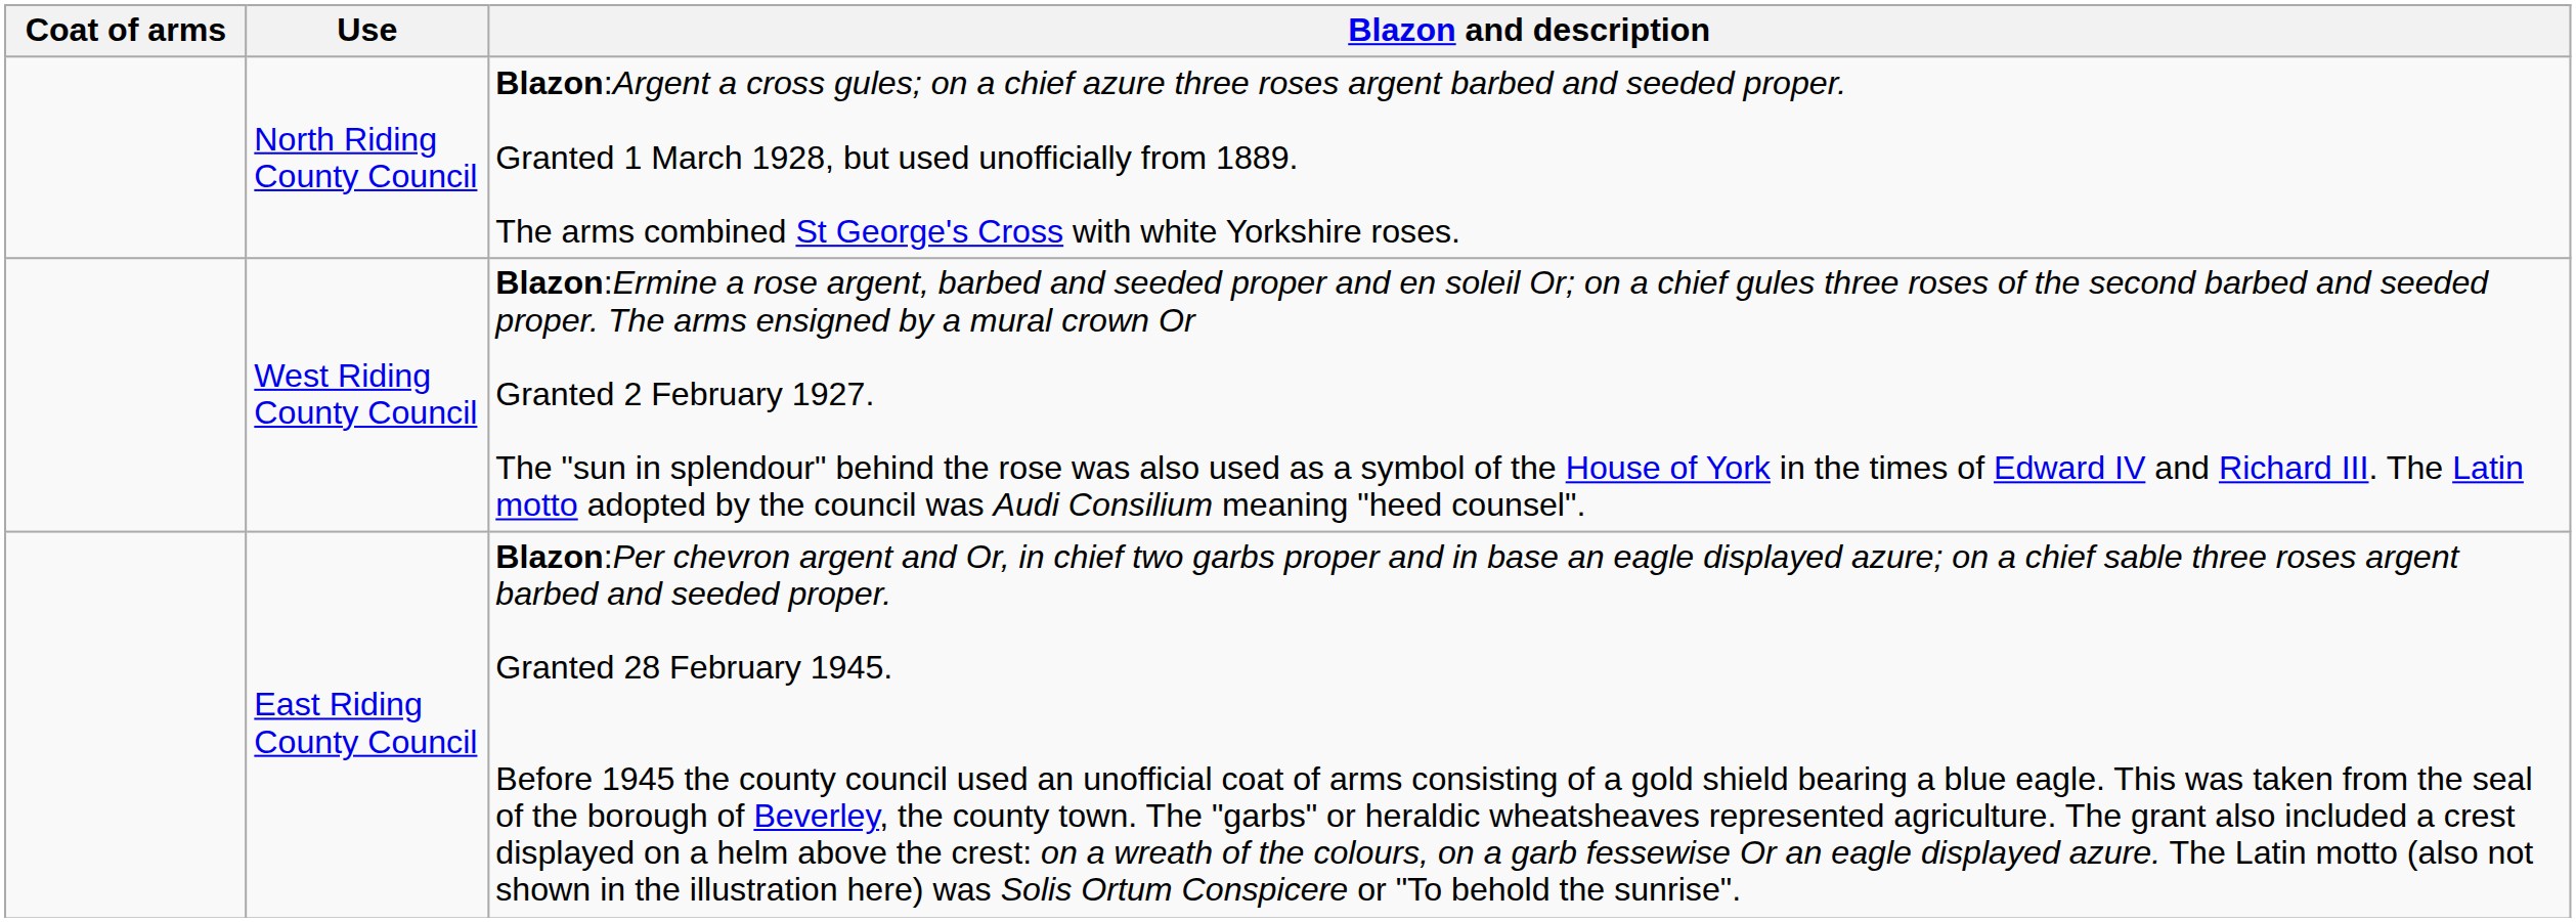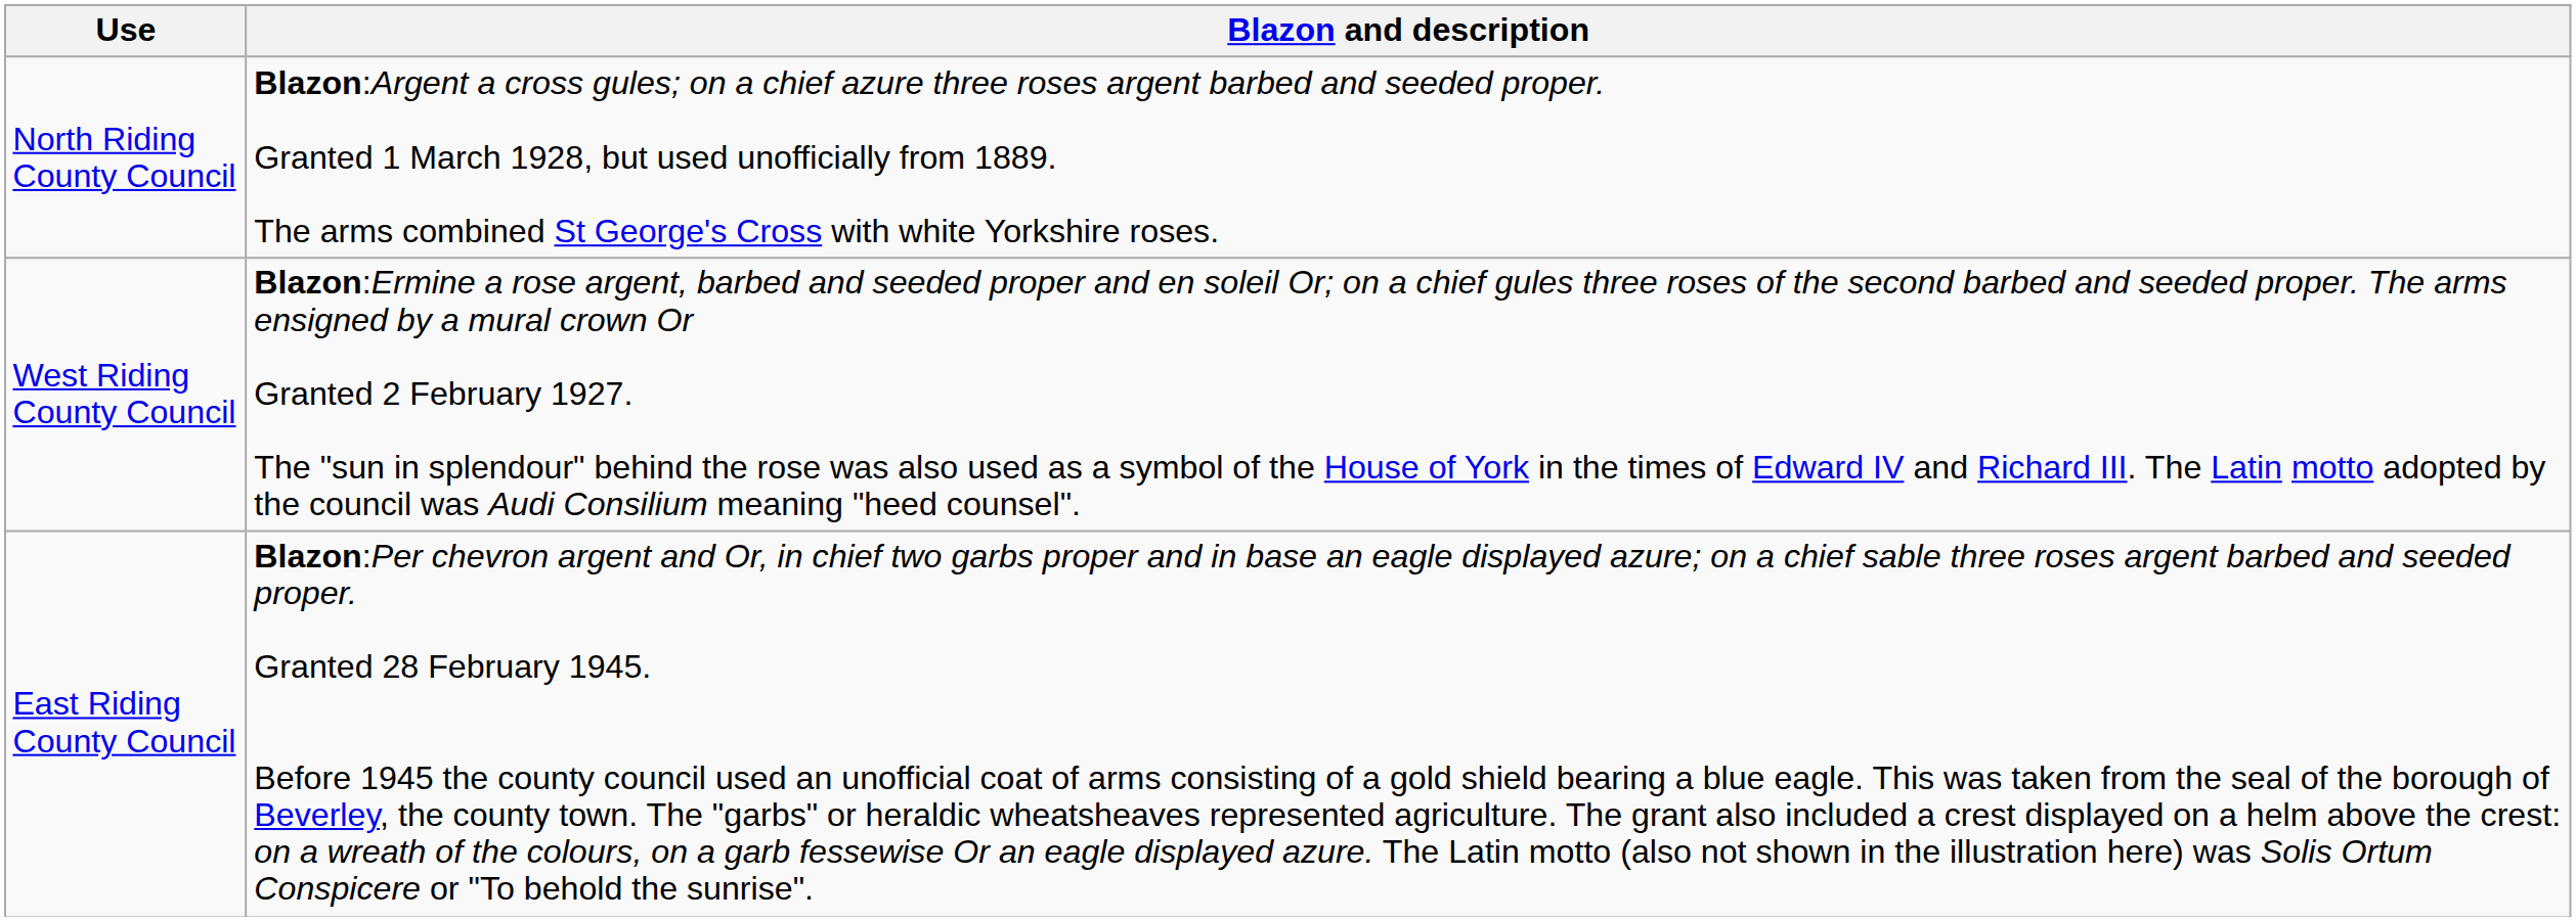 <table class="wikitable">
 <tr>
-<th width="110">Coat of arms</th>
 <th width="110">Use</th>
 <th><a href='#'>Blazon</a> and description</th>
 </tr>
 <tr>
-<td></td>
 <td><a href='#'>North Riding County Council</a></td>
 <td><strong>Blazon</strong>:<em>Argent a cross gules; on a chief azure three roses argent barbed and seeded proper.</em><br><br>Granted 1 March 1928, but used unofficially from 1889.<br><br>The arms combined <a href='#'>St George's Cross</a> with white Yorkshire roses.</td>
 </tr>
 <tr>
-<td></td>
 <td><a href='#'>West Riding County Council</a></td>
 <td><strong>Blazon</strong>:<em>Ermine a rose argent, barbed and seeded proper and en soleil Or; on a chief gules three roses of the second barbed and seeded proper. The arms ensigned by a mural crown Or</em><br><br>Granted 2 February 1927.<br><br>The "sun in splendour" behind the rose was also used as a symbol of the <a href='#'>House of York</a> in the times of <a href='#'>Edward IV</a> and <a href='#'>Richard III</a>. The <a href='#'>Latin</a> <a href='#'>motto</a> adopted by the council was <em>Audi Consilium</em> meaning "heed counsel".</td>
 </tr>
 <tr>
-<td></td>
 <td><a href='#'>East Riding County Council</a></td>
 <td><strong>Blazon</strong>:<em>Per chevron argent and Or, in chief two garbs proper and in base an eagle displayed azure; on a chief sable three roses argent barbed and seeded proper.</em><br><br>Granted 28 February 1945.<br><br><br>Before 1945 the county council used an unofficial coat of arms consisting of a gold shield bearing a blue eagle. This was taken from the seal of the borough of <a href='#'>Beverley</a>, the county town. The "garbs" or heraldic wheatsheaves represented agriculture. The grant also included a crest displayed on a helm above the crest: <em>on a wreath of the colours, on a garb fessewise Or an eagle displayed azure.</em>  The Latin motto (also not shown in the illustration here) was <em>Solis Ortum Conspicere</em> or "To behold the sunrise".</td>
 </tr>
 </table>
